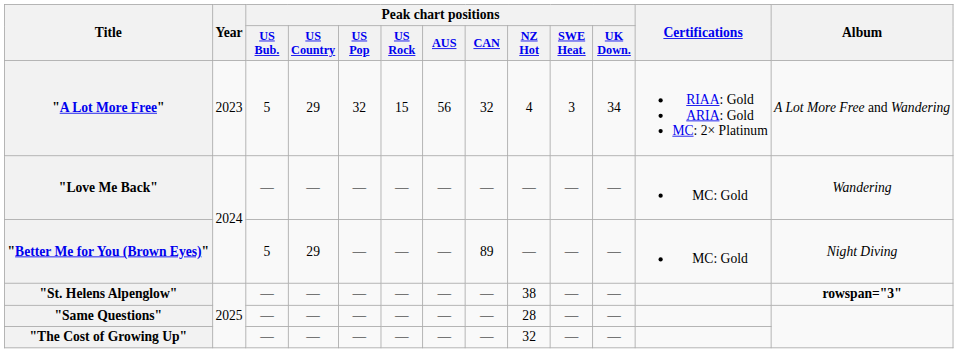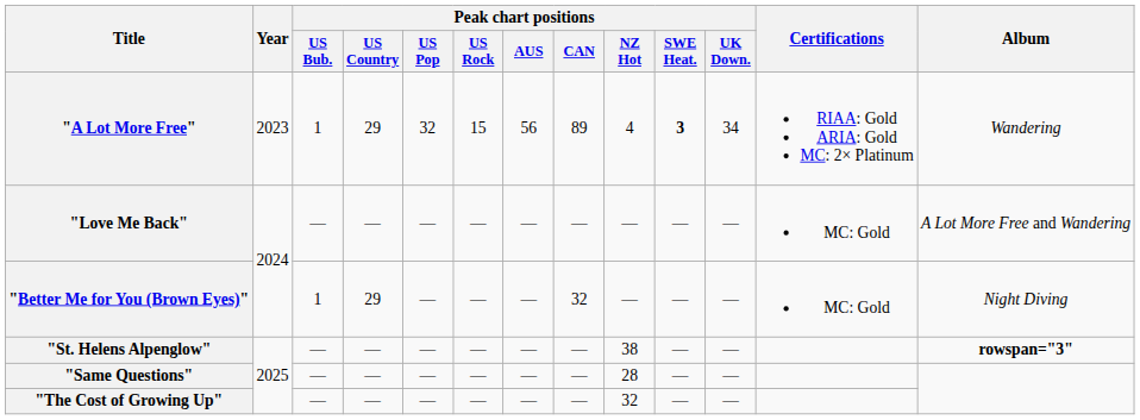 <table class="wikitable plainrowheaders" style="text-align:center;">
 <tr>
 <th scope="col" rowspan="2">Title</th>
 <th scope="col" rowspan="2">Year</th>
 <th scope="col" colspan="9">Peak chart positions</th>
 <th scope="col" rowspan="2"><a href='#'>Certifications</a></th>
 <th scope="col" rowspan="2">Album</th>
 </tr>
 <tr>
 <th scope="col" style="width:3em;font-size:90%;"><a href='#'>US<br>Bub.</a><br></th>
 <th scope="col" style="width:3em;font-size:90%;"><a href='#'>US<br>Country</a><br></th>
 <th scope="col" style="width:3em;font-size:90%;"><a href='#'>US<br>Pop</a><br></th>
 <th scope="col" style="width:3em;font-size:90%;"><a href='#'>US<br>Rock</a><br></th>
 <th scope="col" style="width:3em;font-size:90%;"><a href='#'>AUS</a><br></th>
 <th scope="col" style="width:3em;font-size:90%;"><a href='#'>CAN</a><br></th>
 <th scope="col" style="width:3em;font-size:90%;"><a href='#'>NZ<br>Hot</a><br></th>
 <th scope="col" style="width:3em;font-size:90%;"><a href='#'>SWE<br>Heat.</a><br></th>
 <th scope="col" style="width:3em;font-size:90%;"><a href='#'>UK<br>Down.</a><br></th>
 </tr>
 <tr>
 <th scope="row">"<a href='#'>A Lot More Free</a>"</th>
 <td>2023</td>
-<td>5</td>
+<td>1</td>
 <td>29</td>
 <td>32</td>
 <td>15</td>
 <td>56</td>
-<td>32</td>
+<td>89</td>
 <td>4</td>
-<td>3</td>
+<td><strong>3</strong></td>
 <td>34</td>
 <td><br><ul><li><a href='#'>RIAA</a>: Gold</li><li><a href='#'>ARIA</a>: Gold</li><li><a href='#'>MC</a>: 2× Platinum</li></ul></td>
-<td><em>A Lot More Free</em> and <em>Wandering</em></td>
+<td><em>Wandering</em></td>
 </tr>
 <tr>
 <th scope="row">"Love Me Back"</th>
 <td rowspan="2">2024</td>
 <td>—</td>
 <td>—</td>
 <td>—</td>
 <td>—</td>
 <td>—</td>
 <td>—</td>
 <td>—</td>
 <td>—</td>
 <td>—</td>
 <td><br><ul><li>MC: Gold</li></ul></td>
-<td><em>Wandering</em></td>
+<td><em>A Lot More Free</em> and <em>Wandering</em></td>
 </tr>
 <tr>
 <th scope="row">"<a href='#'>Better Me for You (Brown Eyes)</a>"</th>
-<td>5</td>
+<td>1</td>
 <td>29</td>
 <td>—</td>
 <td>—</td>
 <td>—</td>
-<td>89</td>
+<td>32</td>
 <td>—</td>
 <td>—</td>
 <td>—</td>
 <td><br><ul><li>MC: Gold</li></ul></td>
 <td><em>Night Diving</em></td>
 </tr>
 <tr>
 <th scope="row">"St. Helens Alpenglow"</th>
 <td rowspan="3">2025</td>
 <td>—</td>
 <td>—</td>
 <td>—</td>
 <td>—</td>
 <td>—</td>
 <td>—</td>
 <td>38</td>
 <td>—</td>
 <td>—</td>
 <td></td>
 <td><strong>rowspan="3" </strong></td>
 </tr>
 <tr>
 <th scope="row">"Same Questions"</th>
 <td>—</td>
 <td>—</td>
 <td>—</td>
 <td>—</td>
 <td>—</td>
 <td>—</td>
 <td>28</td>
 <td>—</td>
 <td>—</td>
 <td></td>
 </tr>
 <tr>
 <th scope="row">"The Cost of Growing Up"</th>
 <td>—</td>
 <td>—</td>
 <td>—</td>
 <td>—</td>
 <td>—</td>
 <td>—</td>
 <td>32</td>
 <td>—</td>
 <td>—</td>
 <td></td>
 </tr>
 </table>
